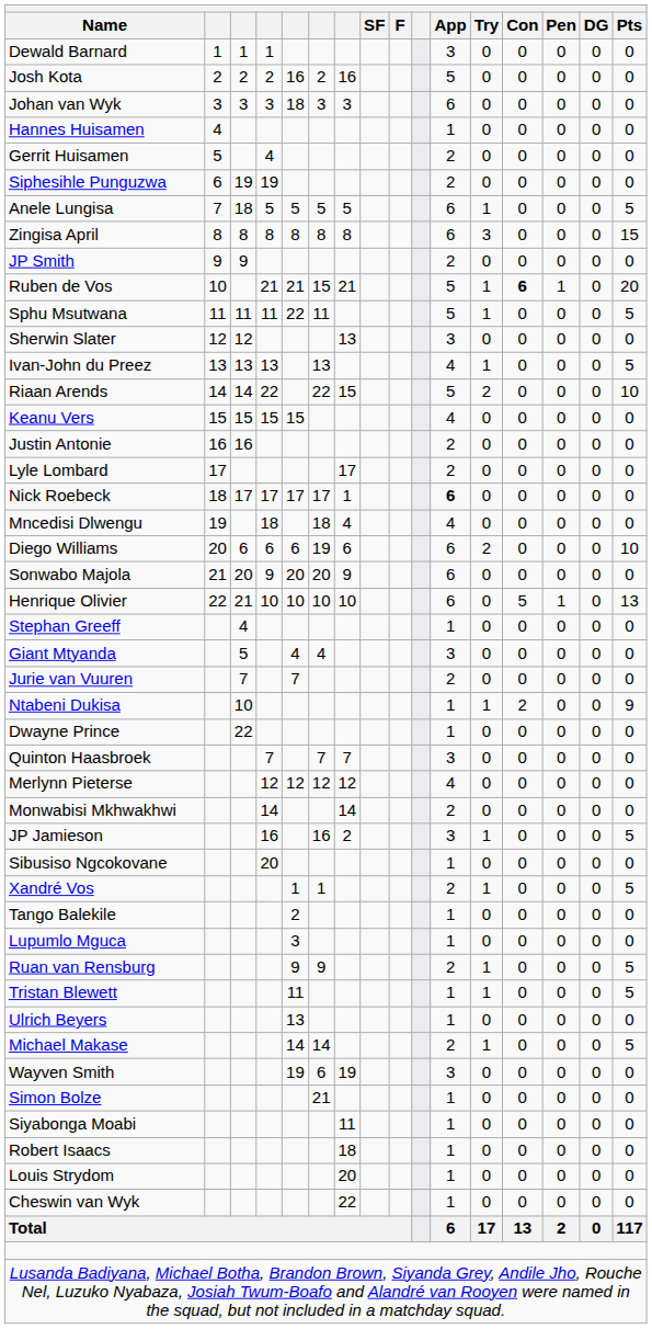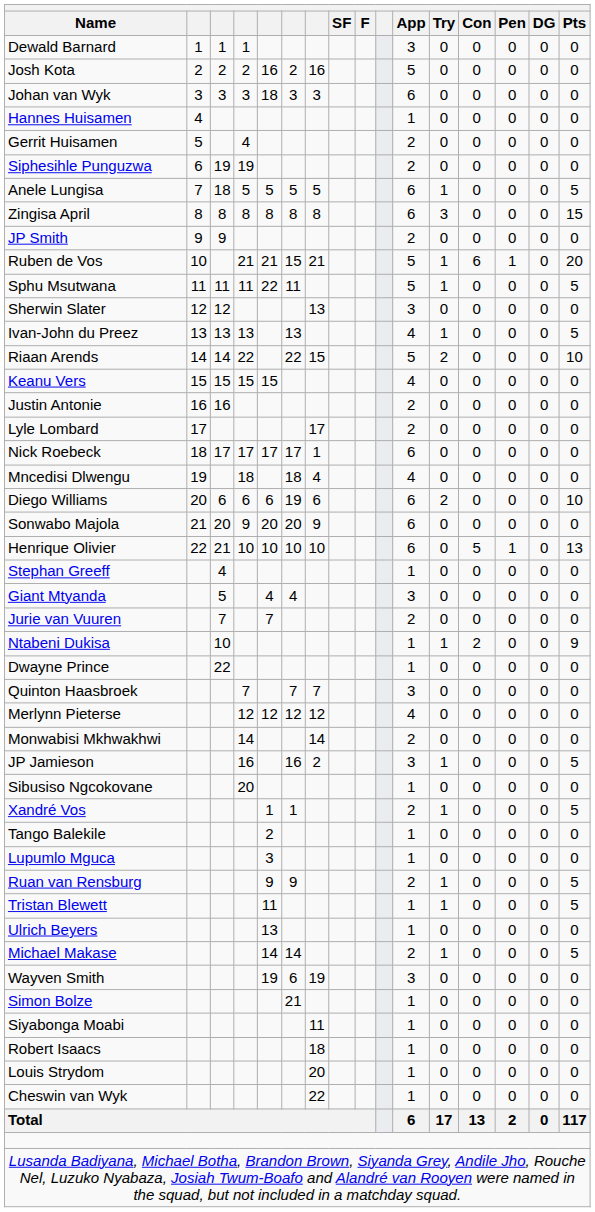 <table class="wikitable collapsible collapsed" style="text-align:center; font-size:100%; width:100%">
 <tr>
 <th colspan="100%"></th>
 </tr>
 <tr>
 <th style="width:40%;">Name</th>
 <th style="width:4%;"></th>
 <th style="width:4%;"></th>
 <th style="width:4%;"></th>
 <th style="width:4%;"></th>
 <th style="width:4%;"></th>
 <th style="width:4%;"></th>
 <th style="width:4%;">SF</th>
 <th style="width:4%;">F</th>
 <th style="width:4%;"></th>
 <th style="width:4%;">App</th>
 <th style="width:4%;">Try</th>
 <th style="width:4%;">Con</th>
 <th style="width:4%;">Pen</th>
 <th style="width:4%;">DG</th>
 <th style="width:4%;">Pts</th>
 </tr>
 <tr>
 <td style="text-align:left;">Dewald Barnard</td>
 <td>1</td>
 <td>1</td>
 <td>1</td>
 <td></td>
 <td></td>
 <td></td>
 <td></td>
 <td></td>
 <td style="background:#EBECF0;"></td>
 <td>3</td>
 <td>0</td>
 <td>0</td>
 <td>0</td>
 <td>0</td>
 <td>0</td>
 </tr>
 <tr>
 <td style="text-align:left;">Josh Kota</td>
 <td>2</td>
 <td>2</td>
 <td>2</td>
 <td>16 </td>
 <td>2</td>
 <td>16</td>
 <td></td>
 <td></td>
 <td style="background:#EBECF0;"></td>
 <td>5</td>
 <td>0</td>
 <td>0</td>
 <td>0</td>
 <td>0</td>
 <td>0</td>
 </tr>
 <tr>
 <td style="text-align:left;">Johan van Wyk</td>
 <td>3</td>
 <td>3</td>
 <td>3</td>
 <td>18 </td>
 <td>3</td>
 <td>3</td>
 <td></td>
 <td></td>
 <td style="background:#EBECF0;"></td>
 <td>6</td>
 <td>0</td>
 <td>0</td>
 <td>0</td>
 <td>0</td>
 <td>0</td>
 </tr>
 <tr>
 <td style="text-align:left;"><a href='#'>Hannes Huisamen</a></td>
 <td>4</td>
 <td></td>
 <td></td>
 <td></td>
 <td></td>
 <td></td>
 <td></td>
 <td></td>
 <td style="background:#EBECF0;"></td>
 <td>1</td>
 <td>0</td>
 <td>0</td>
 <td>0</td>
 <td>0</td>
 <td>0</td>
 </tr>
 <tr>
 <td style="text-align:left;">Gerrit Huisamen</td>
 <td>5</td>
 <td></td>
 <td>4</td>
 <td></td>
 <td></td>
 <td></td>
 <td></td>
 <td></td>
 <td style="background:#EBECF0;"></td>
 <td>2</td>
 <td>0</td>
 <td>0</td>
 <td>0</td>
 <td>0</td>
 <td>0</td>
 </tr>
 <tr>
 <td style="text-align:left;"><a href='#'>Siphesihle Punguzwa</a></td>
 <td>6</td>
 <td>19</td>
 <td>19 </td>
 <td></td>
 <td></td>
 <td></td>
 <td></td>
 <td></td>
 <td style="background:#EBECF0;"></td>
 <td>2</td>
 <td>0</td>
 <td>0</td>
 <td>0</td>
 <td>0</td>
 <td>0</td>
 </tr>
 <tr>
 <td style="text-align:left;">Anele Lungisa</td>
 <td>7</td>
 <td>18 </td>
 <td>5</td>
 <td>5</td>
 <td>5</td>
 <td>5</td>
 <td></td>
 <td></td>
 <td style="background:#EBECF0;"></td>
 <td>6</td>
 <td>1</td>
 <td>0</td>
 <td>0</td>
 <td>0</td>
 <td>5</td>
 </tr>
 <tr>
 <td style="text-align:left;">Zingisa April</td>
 <td>8</td>
 <td>8</td>
 <td>8</td>
 <td>8</td>
 <td>8</td>
 <td>8</td>
 <td></td>
 <td></td>
 <td style="background:#EBECF0;"></td>
 <td>6</td>
 <td>3</td>
 <td>0</td>
 <td>0</td>
 <td>0</td>
 <td>15</td>
 </tr>
 <tr>
 <td style="text-align:left;"><a href='#'>JP Smith</a></td>
 <td>9</td>
 <td>9</td>
 <td></td>
 <td></td>
 <td></td>
 <td></td>
 <td></td>
 <td></td>
 <td style="background:#EBECF0;"></td>
 <td>2</td>
 <td>0</td>
 <td>0</td>
 <td>0</td>
 <td>0</td>
 <td>0</td>
 </tr>
 <tr>
 <td style="text-align:left;">Ruben de Vos</td>
 <td>10</td>
 <td></td>
 <td>21 </td>
 <td>21 </td>
 <td>15</td>
 <td>21 </td>
 <td></td>
 <td></td>
 <td style="background:#EBECF0;"></td>
 <td>5</td>
 <td>1</td>
-<td><strong>6</strong></td>
+<td>6</td>
 <td>1</td>
 <td>0</td>
 <td>20</td>
 </tr>
 <tr>
 <td style="text-align:left;">Sphu Msutwana</td>
 <td>11</td>
 <td>11</td>
 <td>11</td>
 <td>22 </td>
 <td>11</td>
 <td></td>
 <td></td>
 <td></td>
 <td style="background:#EBECF0;"></td>
 <td>5</td>
 <td>1</td>
 <td>0</td>
 <td>0</td>
 <td>0</td>
 <td>5</td>
 </tr>
 <tr>
 <td style="text-align:left;">Sherwin Slater</td>
 <td>12</td>
 <td>12</td>
 <td></td>
 <td></td>
 <td></td>
 <td>13</td>
 <td></td>
 <td></td>
 <td style="background:#EBECF0;"></td>
 <td>3</td>
 <td>0</td>
 <td>0</td>
 <td>0</td>
 <td>0</td>
 <td>0</td>
 </tr>
 <tr>
 <td style="text-align:left;">Ivan-John du Preez</td>
 <td>13</td>
 <td>13</td>
 <td>13</td>
 <td></td>
 <td>13</td>
 <td></td>
 <td></td>
 <td></td>
 <td style="background:#EBECF0;"></td>
 <td>4</td>
 <td>1</td>
 <td>0</td>
 <td>0</td>
 <td>0</td>
 <td>5</td>
 </tr>
 <tr>
 <td style="text-align:left;">Riaan Arends</td>
 <td>14</td>
 <td>14</td>
 <td>22 </td>
 <td></td>
 <td>22 </td>
 <td>15</td>
 <td></td>
 <td></td>
 <td style="background:#EBECF0;"></td>
 <td>5</td>
 <td>2</td>
 <td>0</td>
 <td>0</td>
 <td>0</td>
 <td>10</td>
 </tr>
 <tr>
 <td style="text-align:left;"><a href='#'>Keanu Vers</a></td>
 <td>15</td>
 <td>15</td>
 <td>15</td>
 <td>15</td>
 <td></td>
 <td></td>
 <td></td>
 <td></td>
 <td style="background:#EBECF0;"></td>
 <td>4</td>
 <td>0</td>
 <td>0</td>
 <td>0</td>
 <td>0</td>
 <td>0</td>
 </tr>
 <tr>
 <td style="text-align:left;">Justin Antonie</td>
 <td>16 </td>
 <td>16 </td>
 <td></td>
 <td></td>
 <td></td>
 <td></td>
 <td></td>
 <td></td>
 <td style="background:#EBECF0;"></td>
 <td>2</td>
 <td>0</td>
 <td>0</td>
 <td>0</td>
 <td>0</td>
 <td>0</td>
 </tr>
 <tr>
 <td style="text-align:left;">Lyle Lombard</td>
 <td>17 </td>
 <td></td>
 <td></td>
 <td></td>
 <td></td>
 <td>17 </td>
 <td></td>
 <td></td>
 <td style="background:#EBECF0;"></td>
 <td>2</td>
 <td>0</td>
 <td>0</td>
 <td>0</td>
 <td>0</td>
 <td>0</td>
 </tr>
 <tr>
 <td style="text-align:left;">Nick Roebeck</td>
 <td>18 </td>
 <td>17 </td>
 <td>17 </td>
 <td>17 </td>
 <td>17 </td>
 <td>1</td>
 <td></td>
 <td></td>
 <td style="background:#EBECF0;"></td>
-<td><strong>6</strong></td>
+<td>6</td>
 <td>0</td>
 <td>0</td>
 <td>0</td>
 <td>0</td>
 <td>0</td>
 </tr>
 <tr>
 <td style="text-align:left;">Mncedisi Dlwengu</td>
 <td>19 </td>
 <td></td>
 <td>18 </td>
 <td></td>
 <td>18 </td>
 <td>4</td>
 <td></td>
 <td></td>
 <td style="background:#EBECF0;"></td>
 <td>4</td>
 <td>0</td>
 <td>0</td>
 <td>0</td>
 <td>0</td>
 <td>0</td>
 </tr>
 <tr>
 <td style="text-align:left;">Diego Williams</td>
 <td>20 </td>
 <td>6</td>
 <td>6</td>
 <td>6</td>
 <td>19 </td>
 <td>6</td>
 <td></td>
 <td></td>
 <td style="background:#EBECF0;"></td>
 <td>6</td>
 <td>2</td>
 <td>0</td>
 <td>0</td>
 <td>0</td>
 <td>10</td>
 </tr>
 <tr>
 <td style="text-align:left;">Sonwabo Majola</td>
 <td>21 </td>
 <td>20 </td>
 <td>9</td>
 <td>20 </td>
 <td>20 </td>
 <td>9</td>
 <td></td>
 <td></td>
 <td style="background:#EBECF0;"></td>
 <td>6</td>
 <td>0</td>
 <td>0</td>
 <td>0</td>
 <td>0</td>
 <td>0</td>
 </tr>
 <tr>
 <td style="text-align:left;">Henrique Olivier</td>
 <td>22 </td>
 <td>21 </td>
 <td>10</td>
 <td>10</td>
 <td>10</td>
 <td>10</td>
 <td></td>
 <td></td>
 <td style="background:#EBECF0;"></td>
 <td>6</td>
 <td>0</td>
 <td>5</td>
 <td>1</td>
 <td>0</td>
 <td>13</td>
 </tr>
 <tr>
 <td style="text-align:left;"><a href='#'>Stephan Greeff</a></td>
 <td></td>
 <td>4</td>
 <td></td>
 <td></td>
 <td></td>
 <td></td>
 <td></td>
 <td></td>
 <td style="background:#EBECF0;"></td>
 <td>1</td>
 <td>0</td>
 <td>0</td>
 <td>0</td>
 <td>0</td>
 <td>0</td>
 </tr>
 <tr>
 <td style="text-align:left;"><a href='#'>Giant Mtyanda</a></td>
 <td></td>
 <td>5</td>
 <td></td>
 <td>4</td>
 <td>4</td>
 <td></td>
 <td></td>
 <td></td>
 <td style="background:#EBECF0;"></td>
 <td>3</td>
 <td>0</td>
 <td>0</td>
 <td>0</td>
 <td>0</td>
 <td>0</td>
 </tr>
 <tr>
 <td style="text-align:left;"><a href='#'>Jurie van Vuuren</a></td>
 <td></td>
 <td>7</td>
 <td></td>
 <td>7</td>
 <td></td>
 <td></td>
 <td></td>
 <td></td>
 <td style="background:#EBECF0;"></td>
 <td>2</td>
 <td>0</td>
 <td>0</td>
 <td>0</td>
 <td>0</td>
 <td>0</td>
 </tr>
 <tr>
 <td style="text-align:left;"><a href='#'>Ntabeni Dukisa</a></td>
 <td></td>
 <td>10</td>
 <td></td>
 <td></td>
 <td></td>
 <td></td>
 <td></td>
 <td></td>
 <td style="background:#EBECF0;"></td>
 <td>1</td>
 <td>1</td>
 <td>2</td>
 <td>0</td>
 <td>0</td>
 <td>9</td>
 </tr>
 <tr>
 <td style="text-align:left;">Dwayne Prince</td>
 <td></td>
 <td>22 </td>
 <td></td>
 <td></td>
 <td></td>
 <td></td>
 <td></td>
 <td></td>
 <td style="background:#EBECF0;"></td>
 <td>1</td>
 <td>0</td>
 <td>0</td>
 <td>0</td>
 <td>0</td>
 <td>0</td>
 </tr>
 <tr>
 <td style="text-align:left;">Quinton Haasbroek</td>
 <td></td>
 <td></td>
 <td>7</td>
 <td></td>
 <td>7</td>
 <td>7</td>
 <td></td>
 <td></td>
 <td style="background:#EBECF0;"></td>
 <td>3</td>
 <td>0</td>
 <td>0</td>
 <td>0</td>
 <td>0</td>
 <td>0</td>
 </tr>
 <tr>
 <td style="text-align:left;">Merlynn Pieterse</td>
 <td></td>
 <td></td>
 <td>12</td>
 <td>12</td>
 <td>12</td>
 <td>12</td>
 <td></td>
 <td></td>
 <td style="background:#EBECF0;"></td>
 <td>4</td>
 <td>0</td>
 <td>0</td>
 <td>0</td>
 <td>0</td>
 <td>0</td>
 </tr>
 <tr>
 <td style="text-align:left;">Monwabisi Mkhwakhwi</td>
 <td></td>
 <td></td>
 <td>14</td>
 <td></td>
 <td></td>
 <td>14</td>
 <td></td>
 <td></td>
 <td style="background:#EBECF0;"></td>
 <td>2</td>
 <td>0</td>
 <td>0</td>
 <td>0</td>
 <td>0</td>
 <td>0</td>
 </tr>
 <tr>
 <td style="text-align:left;">JP Jamieson</td>
 <td></td>
 <td></td>
 <td>16 </td>
 <td></td>
 <td>16 </td>
 <td>2</td>
 <td></td>
 <td></td>
 <td style="background:#EBECF0;"></td>
 <td>3</td>
 <td>1</td>
 <td>0</td>
 <td>0</td>
 <td>0</td>
 <td>5</td>
 </tr>
 <tr>
 <td style="text-align:left;">Sibusiso Ngcokovane</td>
 <td></td>
 <td></td>
 <td>20 </td>
 <td></td>
 <td></td>
 <td></td>
 <td></td>
 <td></td>
 <td style="background:#EBECF0;"></td>
 <td>1</td>
 <td>0</td>
 <td>0</td>
 <td>0</td>
 <td>0</td>
 <td>0</td>
 </tr>
 <tr>
 <td style="text-align:left;"><a href='#'>Xandré Vos</a></td>
 <td></td>
 <td></td>
 <td></td>
 <td>1</td>
 <td>1</td>
 <td></td>
 <td></td>
 <td></td>
 <td style="background:#EBECF0;"></td>
 <td>2</td>
 <td>1</td>
 <td>0</td>
 <td>0</td>
 <td>0</td>
 <td>5</td>
 </tr>
 <tr>
 <td style="text-align:left;">Tango Balekile</td>
 <td></td>
 <td></td>
 <td></td>
 <td>2</td>
 <td></td>
 <td></td>
 <td></td>
 <td></td>
 <td style="background:#EBECF0;"></td>
 <td>1</td>
 <td>0</td>
 <td>0</td>
 <td>0</td>
 <td>0</td>
 <td>0</td>
 </tr>
 <tr>
 <td style="text-align:left;"><a href='#'>Lupumlo Mguca</a></td>
 <td></td>
 <td></td>
 <td></td>
 <td>3</td>
 <td></td>
 <td></td>
 <td></td>
 <td></td>
 <td style="background:#EBECF0;"></td>
 <td>1</td>
 <td>0</td>
 <td>0</td>
 <td>0</td>
 <td>0</td>
 <td>0</td>
 </tr>
 <tr>
 <td style="text-align:left;"><a href='#'>Ruan van Rensburg</a></td>
 <td></td>
 <td></td>
 <td></td>
 <td>9</td>
 <td>9</td>
 <td></td>
 <td></td>
 <td></td>
 <td style="background:#EBECF0;"></td>
 <td>2</td>
 <td>1</td>
 <td>0</td>
 <td>0</td>
 <td>0</td>
 <td>5</td>
 </tr>
 <tr>
 <td style="text-align:left;"><a href='#'>Tristan Blewett</a></td>
 <td></td>
 <td></td>
 <td></td>
 <td>11</td>
 <td></td>
 <td></td>
 <td></td>
 <td></td>
 <td style="background:#EBECF0;"></td>
 <td>1</td>
 <td>1</td>
 <td>0</td>
 <td>0</td>
 <td>0</td>
 <td>5</td>
 </tr>
 <tr>
 <td style="text-align:left;"><a href='#'>Ulrich Beyers</a></td>
 <td></td>
 <td></td>
 <td></td>
 <td>13</td>
 <td></td>
 <td></td>
 <td></td>
 <td></td>
 <td style="background:#EBECF0;"></td>
 <td>1</td>
 <td>0</td>
 <td>0</td>
 <td>0</td>
 <td>0</td>
 <td>0</td>
 </tr>
 <tr>
 <td style="text-align:left;"><a href='#'>Michael Makase</a></td>
 <td></td>
 <td></td>
 <td></td>
 <td>14</td>
 <td>14</td>
 <td></td>
 <td></td>
 <td></td>
 <td style="background:#EBECF0;"></td>
 <td>2</td>
 <td>1</td>
 <td>0</td>
 <td>0</td>
 <td>0</td>
 <td>5</td>
 </tr>
 <tr>
 <td style="text-align:left;">Wayven Smith</td>
 <td></td>
 <td></td>
 <td></td>
 <td>19 </td>
 <td>6</td>
 <td>19 </td>
 <td></td>
 <td></td>
 <td style="background:#EBECF0;"></td>
 <td>3</td>
 <td>0</td>
 <td>0</td>
 <td>0</td>
 <td>0</td>
 <td>0</td>
 </tr>
 <tr>
 <td style="text-align:left;"><a href='#'>Simon Bolze</a></td>
 <td></td>
 <td></td>
 <td></td>
 <td></td>
 <td>21 </td>
 <td></td>
 <td></td>
 <td></td>
 <td style="background:#EBECF0;"></td>
 <td>1</td>
 <td>0</td>
 <td>0</td>
 <td>0</td>
 <td>0</td>
 <td>0</td>
 </tr>
 <tr>
 <td style="text-align:left;">Siyabonga Moabi</td>
 <td></td>
 <td></td>
 <td></td>
 <td></td>
 <td></td>
 <td>11</td>
 <td></td>
 <td></td>
 <td style="background:#EBECF0;"></td>
 <td>1</td>
 <td>0</td>
 <td>0</td>
 <td>0</td>
 <td>0</td>
 <td>0</td>
 </tr>
 <tr>
 <td style="text-align:left;">Robert Isaacs</td>
 <td></td>
 <td></td>
 <td></td>
 <td></td>
 <td></td>
 <td>18 </td>
 <td></td>
 <td></td>
 <td style="background:#EBECF0;"></td>
 <td>1</td>
 <td>0</td>
 <td>0</td>
 <td>0</td>
 <td>0</td>
 <td>0</td>
 </tr>
 <tr>
 <td style="text-align:left;">Louis Strydom</td>
 <td></td>
 <td></td>
 <td></td>
 <td></td>
 <td></td>
 <td>20 </td>
 <td></td>
 <td></td>
 <td style="background:#EBECF0;"></td>
 <td>1</td>
 <td>0</td>
 <td>0</td>
 <td>0</td>
 <td>0</td>
 <td>0</td>
 </tr>
 <tr>
 <td style="text-align:left;">Cheswin van Wyk</td>
 <td></td>
 <td></td>
 <td></td>
 <td></td>
 <td></td>
 <td>22 </td>
 <td></td>
 <td></td>
 <td style="background:#EBECF0;"></td>
 <td>1</td>
 <td>0</td>
 <td>0</td>
 <td>0</td>
 <td>0</td>
 <td>0</td>
 </tr>
 <tr>
 <th colspan="9" style="text-align:left;">Total</th>
 <th style="background:#EBECF0;"></th>
 <th>6</th>
 <th>17</th>
 <th>13</th>
 <th>2</th>
 <th>0</th>
 <th>117</th>
 </tr>
 <tr class="sortbottom">
 <td colspan="100%" style="height: 10px;"></td>
 </tr>
 <tr class="sortbottom">
 <td colspan="100%" style="text-align:center;"><em><a href='#'>Lusanda Badiyana</a>, <a href='#'>Michael Botha</a>, <a href='#'>Brandon Brown</a>, <a href='#'>Siyanda Grey</a>, <a href='#'>Andile Jho</a>, Rouche Nel, Luzuko Nyabaza, <a href='#'>Josiah Twum-Boafo</a> and <a href='#'>Alandré van Rooyen</a> were named in the squad, but not included in a matchday squad.</em></td>
 </tr>
 </table>
